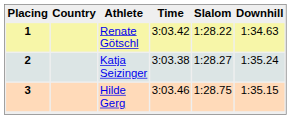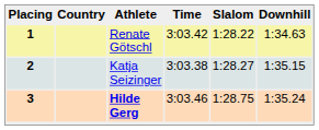 <table style="border-style:solid;border-width:1px;border-color:#808080;background-color:#EFEFEF" cellspacing="2" cellpadding="2" width="380px">
 <tr bgcolor="#EFEFEF">
 <th>Placing</th>
 <th>Country</th>
 <th>Athlete</th>
 <th>Time</th>
 <th>Slalom</th>
 <th>Downhill</th>
 </tr>
 <tr align="center" valign="top" bgcolor="#F7F6A8">
 <th>1</th>
 <td></td>
 <td align="left"><a href='#'>Renate Götschl</a></td>
 <td align="left">3:03.42</td>
 <td>1:28.22</td>
 <td>1:34.63</td>
 </tr>
 <tr align="center" valign="top" bgcolor="#DCE5E5">
 <th>2</th>
 <td></td>
 <td align="left"><a href='#'>Katja Seizinger</a></td>
 <td align="left">3:03.38</td>
 <td>1:28.27</td>
-<td>1:35.24</td>
+<td>1:35.15</td>
 </tr>
 <tr align="center" valign="top" bgcolor="#FFDAB9">
 <th>3</th>
 <td></td>
-<td align="left"><a href='#'>Hilde Gerg</a></td>
+<td align="left"><strong><a href='#'>Hilde Gerg</a></strong></td>
 <td align="left">3:03.46</td>
 <td>1:28.75</td>
-<td>1:35.15</td>
+<td>1:35.24</td>
 </tr>
 <tr align="center" valign="top" bgcolor="#FFFFFF">
 </tr>
 </table>
